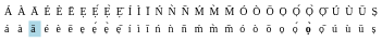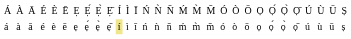 <table cellpadding="3">
 <tr>
 <td>Á</td>
 <td>À</td>
 <td>Ā</td>
 <td>É</td>
 <td>È</td>
 <td>Ē</td>
 <td>Ẹ</td>
 <td>Ẹ́</td>
 <td>Ẹ̀</td>
 <td>Ẹ̄</td>
 <td>Í</td>
 <td>Ì</td>
 <td>Ī</td>
 <td>Ń</td>
 <td>Ǹ</td>
 <td>N̄</td>
 <td>Ḿ</td>
 <td>M̀</td>
 <td>M̄</td>
 <td>Ó</td>
 <td>Ò</td>
 <td>Ō</td>
 <td>Ọ</td>
 <td>Ọ́</td>
 <td>Ọ̀</td>
 <td>Ọ̄</td>
 <td>Ú</td>
 <td>Ù</td>
 <td>Ū</td>
 <td>Ṣ</td>
 </tr>
 <tr>
 <td>á</td>
 <td>à</td>
-<td style="background: lightblue;">ā</td>
+<td>ā</td>
 <td>é</td>
 <td>è</td>
 <td>ē</td>
 <td>ẹ</td>
 <td>ẹ́</td>
 <td>ẹ̀</td>
 <td>ẹ̄</td>
-<td>í</td>
+<td style="background: khaki;">í</td>
 <td>ì</td>
 <td>ī</td>
 <td>ń</td>
 <td>ǹ</td>
 <td>n̄</td>
 <td>ḿ</td>
 <td>m̀</td>
 <td>m̄</td>
 <td>ó</td>
 <td>ò</td>
 <td>ō</td>
 <td>ọ</td>
 <td>ọ́</td>
-<td><strong>ọ̀</strong></td>
+<td>ọ̀</td>
 <td>ọ̄</td>
 <td>ú</td>
 <td>ù</td>
 <td>ū</td>
 <td>ṣ</td>
 </tr>
 </table>
